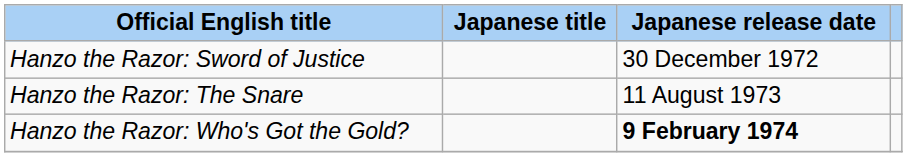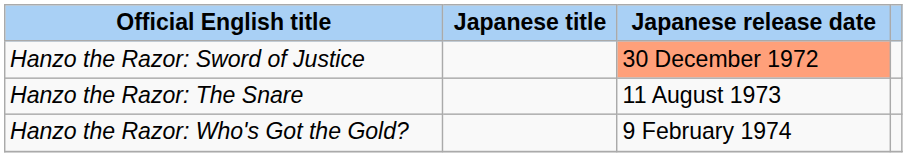 <table class="wikitable" style="width: 100%;">
 <tr>
 <th style="background: #A9D0F5">Official English title</th>
 <th style="background: #A9D0F5">Japanese title</th>
 <th style="background: #A9D0F5">Japanese release date</th>
 <th style="background: #A9D0F5"></th>
 </tr>
 <tr>
 <td><em>Hanzo the Razor: Sword of Justice</em></td>
 <td></td>
-<td>30 December 1972</td>
+<td style="background: lightsalmon;">30 December 1972</td>
 <td></td>
 </tr>
 <tr>
 <td><em>Hanzo the Razor: The Snare</em></td>
 <td></td>
 <td>11 August 1973</td>
 <td></td>
 </tr>
 <tr>
 <td><em>Hanzo the Razor: Who's Got the Gold?</em></td>
 <td></td>
-<td><strong>9 February 1974</strong></td>
+<td>9 February 1974</td>
 <td></td>
 </tr>
 <tr>
 </tr>
 </table>
